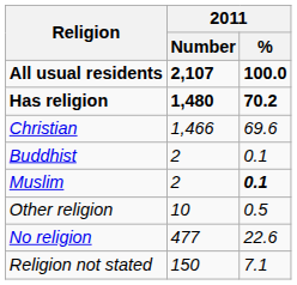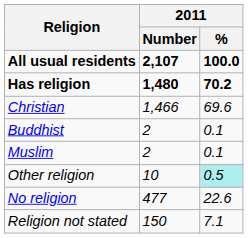 <table class="wikitable">
 <tr>
 <th rowspan="2">Religion</th>
 <th colspan="2">2011</th>
 </tr>
 <tr>
 <th>Number</th>
 <th><strong>%</strong></th>
 </tr>
 <tr>
 <td><strong>All usual residents</strong></td>
 <td><strong>2,107</strong></td>
 <td><strong>100.0</strong></td>
 </tr>
 <tr>
 <td><strong>Has religion</strong></td>
 <td><strong>1,480</strong></td>
 <td><strong>70.2</strong></td>
 </tr>
 <tr>
 <td><em><a href='#'>Christian</a></em></td>
 <td><em>1,466</em></td>
 <td><em>69.6</em></td>
 </tr>
 <tr>
 <td><em><a href='#'>Buddhist</a></em></td>
 <td><em>2</em></td>
 <td><em>0.1</em></td>
 </tr>
 <tr>
 <td><em><a href='#'>Muslim</a></em></td>
 <td><em>2</em></td>
-<td><strong><em>0.1</em></strong></td>
+<td><em>0.1</em></td>
 </tr>
 <tr>
 <td><em>Other religion</em></td>
 <td><em>10</em></td>
-<td><em>0.5</em></td>
+<td style="background: paleturquoise;"><em>0.5</em></td>
 </tr>
 <tr>
 <td><em><a href='#'>No religion</a></em></td>
 <td><em>477</em></td>
 <td><em>22.6</em></td>
 </tr>
 <tr>
 <td><em>Religion not stated</em></td>
 <td><em>150</em></td>
 <td><em>7.1</em></td>
 </tr>
 </table>
